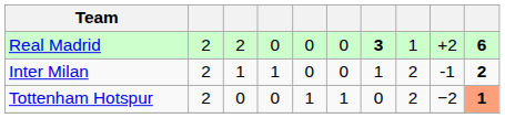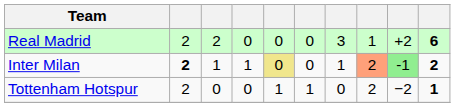 <table class="wikitable" style="text-align: center;">
 <tr>
 <th width="165">Team</th>
 <th width="25"></th>
 <th width="25"></th>
 <th width="25"></th>
 <th width="25"></th>
 <th width="25"></th>
 <th width="25"></th>
 <th width="25"></th>
 <th width="25"></th>
 <th width="25"></th>
 </tr>
 <tr bgcolor="#ccffcc">
 <td style="text-align:left;"> <a href='#'>Real Madrid</a></td>
 <td>2</td>
 <td>2</td>
 <td>0</td>
 <td>0</td>
 <td>0</td>
-<td><strong>3</strong></td>
+<td>3</td>
 <td>1</td>
 <td>+2</td>
 <td><strong>6</strong></td>
 </tr>
 <tr>
 <td style="text-align:left;"> <a href='#'>Inter Milan</a></td>
-<td>2</td>
+<td><strong>2</strong></td>
 <td>1</td>
 <td>1</td>
-<td>0</td>
+<td style="background: khaki;">0</td>
 <td>0</td>
 <td>1</td>
-<td>2</td>
-<td>-1</td>
+<td style="background: lightsalmon;">2</td>
+<td style="background: lightgreen;">-1</td>
 <td><strong>2</strong></td>
 </tr>
 <tr>
 <td style="text-align:left;"> <a href='#'>Tottenham Hotspur</a></td>
 <td>2</td>
 <td>0</td>
 <td>0</td>
 <td>1</td>
 <td>1</td>
 <td>0</td>
 <td>2</td>
 <td>−2</td>
-<td style="background: lightsalmon;"><strong>1</strong></td>
+<td><strong>1</strong></td>
 </tr>
 <tr>
 </tr>
 </table>
